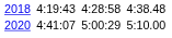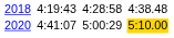 <table>
 <tr>
 <td><a href='#'>2018</a></td>
 <td></td>
 <td>4:19:43</td>
 <td></td>
 <td>4:28:58</td>
 <td></td>
 <td>4:38.48</td>
 </tr>
 <tr>
 <td><a href='#'>2020</a></td>
 <td></td>
 <td>4:41:07</td>
 <td></td>
 <td>5:00:29</td>
 <td></td>
-<td>5:10.00</td>
+<td style="background: gold;">5:10.00</td>
 </tr>
 </table>
